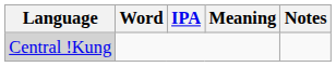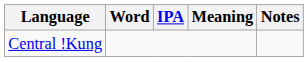 <table class=wikitable>
 <tr>
 <th>Language</th>
 <th>Word</th>
 <th><a href='#'>IPA</a></th>
 <th>Meaning</th>
 <th>Notes</th>
 </tr>
 <tr>
-<td style="background: lightgrey;"><a href='#'>Central !Kung</a></td>
+<td><a href='#'>Central !Kung</a></td>
 <td colspan=3></td>
 <td></td>
 </tr>
 </table>
